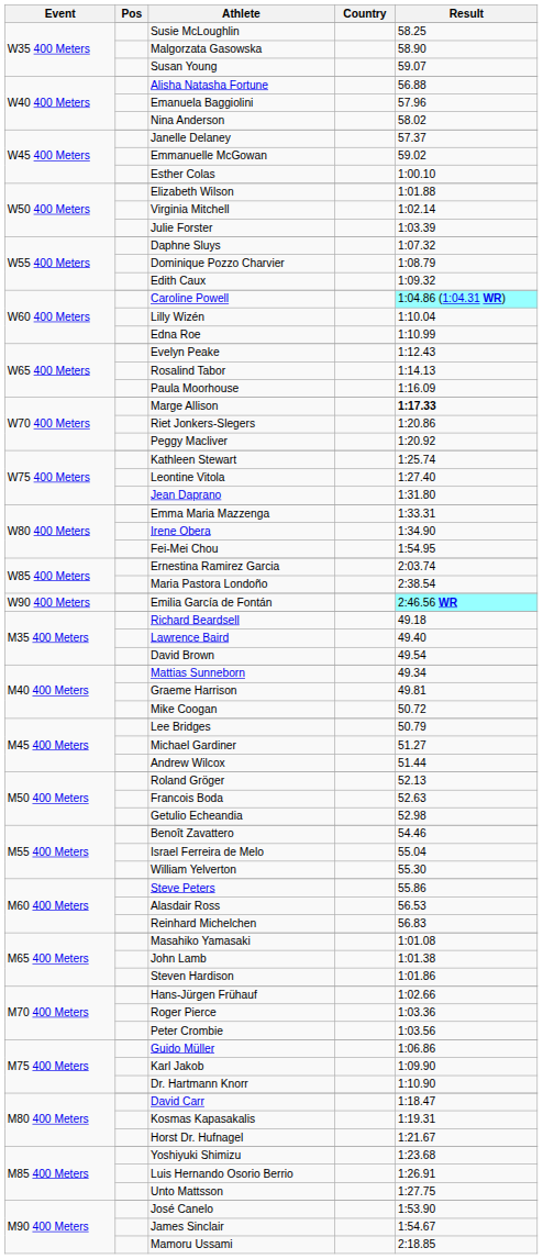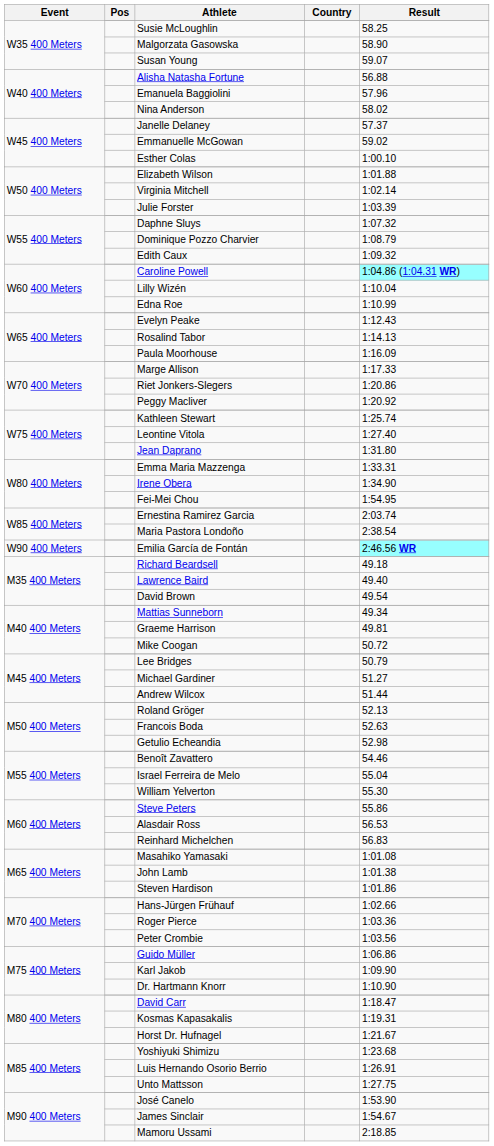 <table class="wikitable" style="width:60%;">
 <tr>
 <th>Event</th>
 <th>Pos</th>
 <th>Athlete</th>
 <th>Country</th>
 <th>Result</th>
 </tr>
 <tr>
 <td rowspan='4'>W35 <a href='#'>400 Meters</a><br></td>
 </tr>
 <tr>
 <td align=center></td>
 <td align=left>Susie McLoughlin</td>
 <td align=left></td>
 <td>58.25</td>
 </tr>
 <tr>
 <td align=center></td>
 <td align=left>Malgorzata Gasowska</td>
 <td align=left></td>
 <td>58.90</td>
 </tr>
 <tr>
 <td align=center></td>
 <td align=left>Susan Young</td>
 <td align=left></td>
 <td>59.07</td>
 </tr>
 <tr>
 <td rowspan='4'>W40 <a href='#'>400 Meters</a><br></td>
 </tr>
 <tr>
 <td align=center></td>
 <td align=left><a href='#'>Alisha Natasha Fortune</a></td>
 <td align=left></td>
 <td>56.88</td>
 </tr>
 <tr>
 <td align=center></td>
 <td align=left>Emanuela Baggiolini</td>
 <td align=left></td>
 <td>57.96</td>
 </tr>
 <tr>
 <td align=center></td>
 <td align=left>Nina Anderson</td>
 <td align=left></td>
 <td>58.02</td>
 </tr>
 <tr>
 <td rowspan='4'>W45 <a href='#'>400 Meters</a><br></td>
 </tr>
 <tr>
 <td align=center></td>
 <td align=left>Janelle Delaney</td>
 <td align=left></td>
 <td>57.37</td>
 </tr>
 <tr>
 <td align=center></td>
 <td align=left>Emmanuelle McGowan</td>
 <td align=left></td>
 <td>59.02</td>
 </tr>
 <tr>
 <td align=center></td>
 <td align=left>Esther Colas</td>
 <td align=left></td>
 <td>1:00.10</td>
 </tr>
 <tr>
 <td rowspan='4'>W50 <a href='#'>400 Meters</a><br></td>
 </tr>
 <tr>
 <td align=center></td>
 <td align=left>Elizabeth Wilson</td>
 <td align=left></td>
 <td>1:01.88</td>
 </tr>
 <tr>
 <td align=center></td>
 <td align=left>Virginia Mitchell</td>
 <td align=left></td>
 <td>1:02.14</td>
 </tr>
 <tr>
 <td align=center></td>
 <td align=left>Julie Forster</td>
 <td align=left></td>
 <td>1:03.39</td>
 </tr>
 <tr>
 <td rowspan='4'>W55 <a href='#'>400 Meters</a><br></td>
 </tr>
 <tr>
 <td align=center></td>
 <td align=left>Daphne Sluys</td>
 <td align=left></td>
 <td>1:07.32</td>
 </tr>
 <tr>
 <td align=center></td>
 <td align=left>Dominique Pozzo Charvier</td>
 <td align=left></td>
 <td>1:08.79</td>
 </tr>
 <tr>
 <td align=center></td>
 <td align=left>Edith Caux</td>
 <td align=left></td>
 <td>1:09.32</td>
 </tr>
 <tr>
 <td rowspan='4'>W60 <a href='#'>400 Meters</a><br></td>
 </tr>
 <tr>
 <td align=center></td>
 <td align=left><a href='#'>Caroline Powell</a></td>
 <td align=left></td>
 <td bgcolor=#97ffff>1:04.86 (<a href='#'>1:04.31</a> <strong><a href='#'>WR</a></strong>)</td>
 </tr>
 <tr>
 <td align=center></td>
 <td align=left>Lilly Wizén</td>
 <td align=left></td>
 <td>1:10.04</td>
 </tr>
 <tr>
 <td align=center></td>
 <td align=left>Edna Roe</td>
 <td align=left></td>
 <td>1:10.99</td>
 </tr>
 <tr>
 <td rowspan='4'>W65 <a href='#'>400 Meters</a><br></td>
 </tr>
 <tr>
 <td align=center></td>
 <td align=left>Evelyn Peake</td>
 <td align=left></td>
 <td>1:12.43</td>
 </tr>
 <tr>
 <td align=center></td>
 <td align=left>Rosalind Tabor</td>
 <td align=left></td>
 <td>1:14.13</td>
 </tr>
 <tr>
 <td align=center></td>
 <td align=left>Paula Moorhouse</td>
 <td align=left></td>
 <td>1:16.09</td>
 </tr>
 <tr>
 <td rowspan='4'>W70 <a href='#'>400 Meters</a><br></td>
 </tr>
 <tr>
 <td align=center></td>
 <td align=left>Marge Allison</td>
 <td align=left></td>
-<td><strong>1:17.33</strong></td>
+<td>1:17.33</td>
 </tr>
 <tr>
 <td align=center></td>
 <td align=left>Riet Jonkers-Slegers</td>
 <td align=left></td>
 <td>1:20.86</td>
 </tr>
 <tr>
 <td align=center></td>
 <td align=left>Peggy Macliver</td>
 <td align=left></td>
 <td>1:20.92</td>
 </tr>
 <tr>
 <td rowspan='4'>W75 <a href='#'>400 Meters</a><br></td>
 </tr>
 <tr>
 <td align=center></td>
 <td align=left>Kathleen Stewart</td>
 <td align=left></td>
 <td>1:25.74</td>
 </tr>
 <tr>
 <td align=center></td>
 <td align=left>Leontine Vitola</td>
 <td align=left></td>
 <td>1:27.40</td>
 </tr>
 <tr>
 <td align=center></td>
 <td align=left><a href='#'>Jean Daprano</a></td>
 <td align=left></td>
 <td>1:31.80</td>
 </tr>
 <tr>
 <td rowspan='4'>W80 <a href='#'>400 Meters</a></td>
 </tr>
 <tr>
 <td align=center></td>
 <td align=left>Emma Maria Mazzenga</td>
 <td align=left></td>
 <td>1:33.31</td>
 </tr>
 <tr>
 <td align=center></td>
 <td align=left><a href='#'>Irene Obera</a></td>
 <td align=left></td>
 <td>1:34.90</td>
 </tr>
 <tr>
 <td align=center></td>
 <td align=left>Fei-Mei Chou</td>
 <td align=left></td>
 <td>1:54.95</td>
 </tr>
 <tr>
 <td rowspan='3'>W85 <a href='#'>400 Meters</a></td>
 </tr>
 <tr>
 <td align=center></td>
 <td align=left>Ernestina Ramirez Garcia</td>
 <td align=left></td>
 <td>2:03.74</td>
 </tr>
 <tr>
 <td align=center></td>
 <td align=left>Maria Pastora Londoño</td>
 <td align=left></td>
 <td>2:38.54</td>
 </tr>
 <tr>
 <td rowspan='2'>W90 <a href='#'>400 Meters</a></td>
 </tr>
 <tr>
 <td align=center></td>
 <td align=left>Emilia García de Fontán</td>
 <td align=left></td>
 <td bgcolor=#97ffff>2:46.56  <strong><a href='#'>WR</a></strong></td>
 </tr>
 <tr>
 <td rowspan='4'>M35 <a href='#'>400 Meters</a><br></td>
 </tr>
 <tr>
 <td align=center></td>
 <td align=left><a href='#'>Richard Beardsell</a></td>
 <td align=left></td>
 <td>49.18</td>
 </tr>
 <tr>
 <td align=center></td>
 <td align=left><a href='#'>Lawrence Baird</a></td>
 <td align=left></td>
 <td>49.40</td>
 </tr>
 <tr>
 <td align=center></td>
 <td align=left>David Brown</td>
 <td align=left></td>
 <td>49.54</td>
 </tr>
 <tr>
 <td rowspan='4'>M40 <a href='#'>400 Meters</a><br></td>
 </tr>
 <tr>
 <td align=center></td>
 <td align=left><a href='#'>Mattias Sunneborn</a></td>
 <td align=left></td>
 <td>49.34</td>
 </tr>
 <tr>
 <td align=center></td>
 <td align=left>Graeme Harrison</td>
 <td align=left></td>
 <td>49.81</td>
 </tr>
 <tr>
 <td align=center></td>
 <td align=left>Mike Coogan</td>
 <td align=left></td>
 <td>50.72</td>
 </tr>
 <tr>
 <td rowspan='4'>M45 <a href='#'>400 Meters</a><br></td>
 </tr>
 <tr>
 <td align=center></td>
 <td align=left>Lee Bridges</td>
 <td align=left></td>
 <td>50.79</td>
 </tr>
 <tr>
 <td align=center></td>
 <td align=left>Michael Gardiner</td>
 <td align=left></td>
 <td>51.27</td>
 </tr>
 <tr>
 <td align=center></td>
 <td align=left>Andrew Wilcox</td>
 <td align=left></td>
 <td>51.44</td>
 </tr>
 <tr>
 <td rowspan='4'>M50 <a href='#'>400 Meters</a><br></td>
 </tr>
 <tr>
 <td align=center></td>
 <td align=left>Roland Gröger</td>
 <td align=left></td>
 <td>52.13</td>
 </tr>
 <tr>
 <td align=center></td>
 <td align=left>Francois Boda</td>
 <td align=left></td>
 <td>52.63</td>
 </tr>
 <tr>
 <td align=center></td>
 <td align=left>Getulio Echeandia</td>
 <td align=left></td>
 <td>52.98</td>
 </tr>
 <tr>
 <td rowspan='4'>M55 <a href='#'>400 Meters</a><br></td>
 </tr>
 <tr>
 <td align=center></td>
 <td align=left>Benoît Zavattero</td>
 <td align=left></td>
 <td>54.46</td>
 </tr>
 <tr>
 <td align=center></td>
 <td align=left>Israel Ferreira de Melo</td>
 <td align=left></td>
 <td>55.04</td>
 </tr>
 <tr>
 <td align=center></td>
 <td align=left>William Yelverton</td>
 <td align=left></td>
 <td>55.30</td>
 </tr>
 <tr>
 <td rowspan='4'>M60 <a href='#'>400 Meters</a><br></td>
 </tr>
 <tr>
 <td align=center></td>
 <td align=left><a href='#'>Steve Peters</a></td>
 <td align=left></td>
 <td>55.86</td>
 </tr>
 <tr>
 <td align=center></td>
 <td align=left>Alasdair Ross</td>
 <td align=left></td>
 <td>56.53</td>
 </tr>
 <tr>
 <td align=center></td>
 <td align=left>Reinhard Michelchen</td>
 <td align=left></td>
 <td>56.83</td>
 </tr>
 <tr>
 <td rowspan='4'>M65 <a href='#'>400 Meters</a><br></td>
 </tr>
 <tr>
 <td align=center></td>
 <td align=left>Masahiko Yamasaki</td>
 <td align=left></td>
 <td>1:01.08</td>
 </tr>
 <tr>
 <td align=center></td>
 <td align=left>John Lamb</td>
 <td align=left></td>
 <td>1:01.38</td>
 </tr>
 <tr>
 <td align=center></td>
 <td align=left>Steven Hardison</td>
 <td align=left></td>
 <td>1:01.86</td>
 </tr>
 <tr>
 <td rowspan='4'>M70 <a href='#'>400 Meters</a><br></td>
 </tr>
 <tr>
 <td align=center></td>
 <td align=left>Hans-Jürgen Frühauf</td>
 <td align=left></td>
 <td>1:02.66</td>
 </tr>
 <tr>
 <td align=center></td>
 <td align=left>Roger Pierce</td>
 <td align=left></td>
 <td>1:03.36</td>
 </tr>
 <tr>
 <td align=center></td>
 <td align=left>Peter Crombie</td>
 <td align=left></td>
 <td>1:03.56</td>
 </tr>
 <tr>
 <td rowspan='4'>M75 <a href='#'>400 Meters</a></td>
 </tr>
 <tr>
 <td align=center></td>
 <td align=left><a href='#'>Guido Müller</a></td>
 <td align=left></td>
 <td>1:06.86</td>
 </tr>
 <tr>
 <td align=center></td>
 <td align=left>Karl Jakob</td>
 <td align=left></td>
 <td>1:09.90</td>
 </tr>
 <tr>
 <td align=center></td>
 <td align=left>Dr. Hartmann Knorr</td>
 <td align=left></td>
 <td>1:10.90</td>
 </tr>
 <tr>
 <td rowspan='4'>M80 <a href='#'>400 Meters</a></td>
 </tr>
 <tr>
 <td align=center></td>
 <td align=left><a href='#'>David Carr</a></td>
 <td align=left></td>
 <td>1:18.47</td>
 </tr>
 <tr>
 <td align=center></td>
 <td align=left>Kosmas Kapasakalis</td>
 <td align=left></td>
 <td>1:19.31</td>
 </tr>
 <tr>
 <td align=center></td>
 <td align=left>Horst Dr. Hufnagel</td>
 <td align=left></td>
 <td>1:21.67</td>
 </tr>
 <tr>
 <td rowspan='4'>M85 <a href='#'>400 Meters</a></td>
 </tr>
 <tr>
 <td align=center></td>
 <td align=left>Yoshiyuki Shimizu</td>
 <td align=left></td>
 <td>1:23.68</td>
 </tr>
 <tr>
 <td align=center></td>
 <td align=left>Luis Hernando Osorio Berrio</td>
 <td align=left></td>
 <td>1:26.91</td>
 </tr>
 <tr>
 <td align=center></td>
 <td align=left>Unto Mattsson</td>
 <td align=left></td>
 <td>1:27.75</td>
 </tr>
 <tr>
 <td rowspan='4'>M90 <a href='#'>400 Meters</a></td>
 </tr>
 <tr>
 <td align=center></td>
 <td align=left>José Canelo</td>
 <td align=left></td>
 <td>1:53.90</td>
 </tr>
 <tr>
 <td align=center></td>
 <td align=left>James Sinclair</td>
 <td align=left></td>
 <td>1:54.67</td>
 </tr>
 <tr>
 <td align=center></td>
 <td align=left>Mamoru Ussami</td>
 <td align=left></td>
 <td>2:18.85</td>
 </tr>
 </table>
